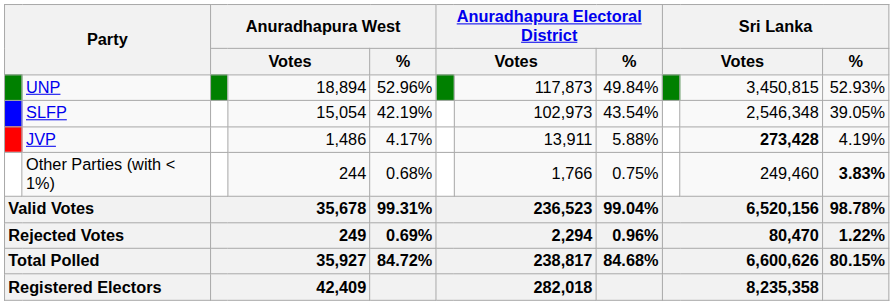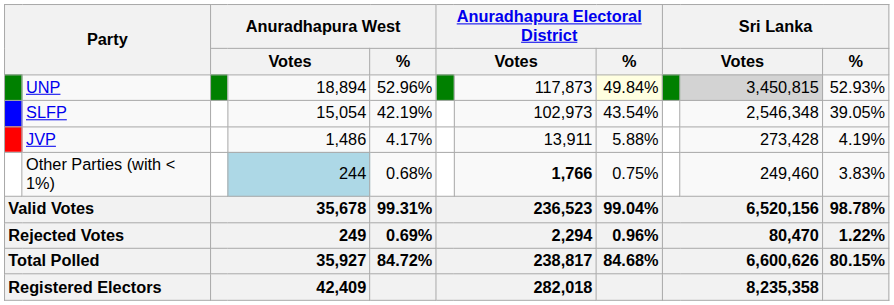 <table class="wikitable">
 <tr>
 <th colspan="2" width="144px"rowspan="2">Party</th>
 <th colspan="3" width="216px">Anuradhapura West</th>
 <th colspan="3" width="216px"><a href='#'>Anuradhapura Electoral District</a></th>
 <th colspan="3" width="216px">Sri Lanka</th>
 </tr>
 <tr>
 <th colspan="2" width="144px">Votes</th>
 <th>%</th>
 <th colspan="2" width="144px">Votes</th>
 <th>%</th>
 <th colspan="2" width="144px">Votes</th>
 <th>%</th>
 </tr>
 <tr>
 <td style="background-color:green;" width="10px"></td>
 <td style="text-align:left;"><a href='#'>UNP</a></td>
 <td style="background-color:green;" width="10px"></td>
 <td style="text-align:right;">18,894</td>
 <td style="text-align:right;">52.96%</td>
 <td style="background-color:green;" width="10px"></td>
 <td style="text-align:right;">117,873</td>
-<td style="text-align:right;">49.84%</td>
+<td style="background: lightyellow; text-align:right;">49.84%</td>
 <td style="background-color:green;" width="10px"></td>
-<td style="text-align:right;">3,450,815</td>
+<td style="background: lightgrey; text-align:right;">3,450,815</td>
 <td style="text-align:right;">52.93%</td>
 </tr>
 <tr>
 <td style="background-color:blue;" width="10px"></td>
 <td style="text-align:left;"><a href='#'>SLFP</a></td>
 <td style="background-color:white;" width="10px"></td>
 <td style="text-align:right;">15,054</td>
 <td style="text-align:right;">42.19%</td>
 <td style="background-color:white;" width="10px"></td>
 <td style="text-align:right;">102,973</td>
 <td style="text-align:right;">43.54%</td>
 <td style="background-color:white;" width="10px"></td>
 <td style="text-align:right;">2,546,348</td>
 <td style="text-align:right;">39.05%</td>
 </tr>
 <tr>
 <td style="background-color:red;" width="10px"></td>
 <td style="text-align:left;"><a href='#'>JVP</a></td>
 <td style="background-color:white;" width="10px"></td>
 <td style="text-align:right;">1,486</td>
 <td style="text-align:right;">4.17%</td>
 <td style="background-color:white;" width="10px"></td>
 <td style="text-align:right;">13,911</td>
 <td style="text-align:right;">5.88%</td>
 <td style="background-color:white;" width="10px"></td>
-<td style="text-align:right;"><strong>273,428</strong></td>
+<td style="text-align:right;">273,428</td>
 <td style="text-align:right;">4.19%</td>
 </tr>
 <tr>
 <td style="background-color:white;" width="10px"></td>
 <td style="text-align:left;">Other Parties (with < 1%)</td>
 <td style="background-color:white;" width="10px"></td>
-<td style="text-align:right;">244</td>
+<td style="background: lightblue; text-align:right;">244</td>
 <td style="text-align:right;">0.68%</td>
 <td style="background-color:white;" width="10px"></td>
-<td style="text-align:right;">1,766</td>
+<td style="text-align:right;"><strong>1,766</strong></td>
 <td style="text-align:right;">0.75%</td>
 <td style="background-color:white;" width="10px"></td>
 <td style="text-align:right;">249,460</td>
-<td style="text-align:right;"><strong>3.83%</strong></td>
+<td style="text-align:right;">3.83%</td>
 </tr>
 <tr>
 <th colspan="2" width="144px"style="text-align:left;">Valid Votes</th>
 <th style="text-align:right;"colspan="2" width="144px">35,678</th>
 <th style="text-align:right;">99.31%</th>
 <th style="text-align:right;"colspan="2" width="144px">236,523</th>
 <th style="text-align:right;">99.04%</th>
 <th style="text-align:right;"colspan="2" width="144px">6,520,156</th>
 <th style="text-align:right;">98.78%</th>
 </tr>
 <tr>
 <th colspan="2" width="144px"style="text-align:left;">Rejected Votes</th>
 <th style="text-align:right;"colspan="2" width="144px">249</th>
 <th style="text-align:right;">0.69%</th>
 <th style="text-align:right;"colspan="2" width="144px">2,294</th>
 <th style="text-align:right;">0.96%</th>
 <th style="text-align:right;"colspan="2" width="144px">80,470</th>
 <th style="text-align:right;">1.22%</th>
 </tr>
 <tr>
 <th colspan="2" width="144px"style="text-align:left;">Total Polled</th>
 <th style="text-align:right;"colspan="2" width="144px">35,927</th>
 <th style="text-align:right;">84.72%</th>
 <th style="text-align:right;"colspan="2" width="144px">238,817</th>
 <th style="text-align:right;">84.68%</th>
 <th style="text-align:right;"colspan="2" width="144px">6,600,626</th>
 <th style="text-align:right;">80.15%</th>
 </tr>
 <tr>
 <th colspan="2" width="144px"style="text-align:left;">Registered Electors</th>
 <th style="text-align:right;"colspan="2" width="144px">42,409</th>
 <th></th>
 <th style="text-align:right;"colspan="2" width="144px">282,018</th>
 <th></th>
 <th style="text-align:right;"colspan="2" width="144px">8,235,358</th>
 <th></th>
 </tr>
 </table>
